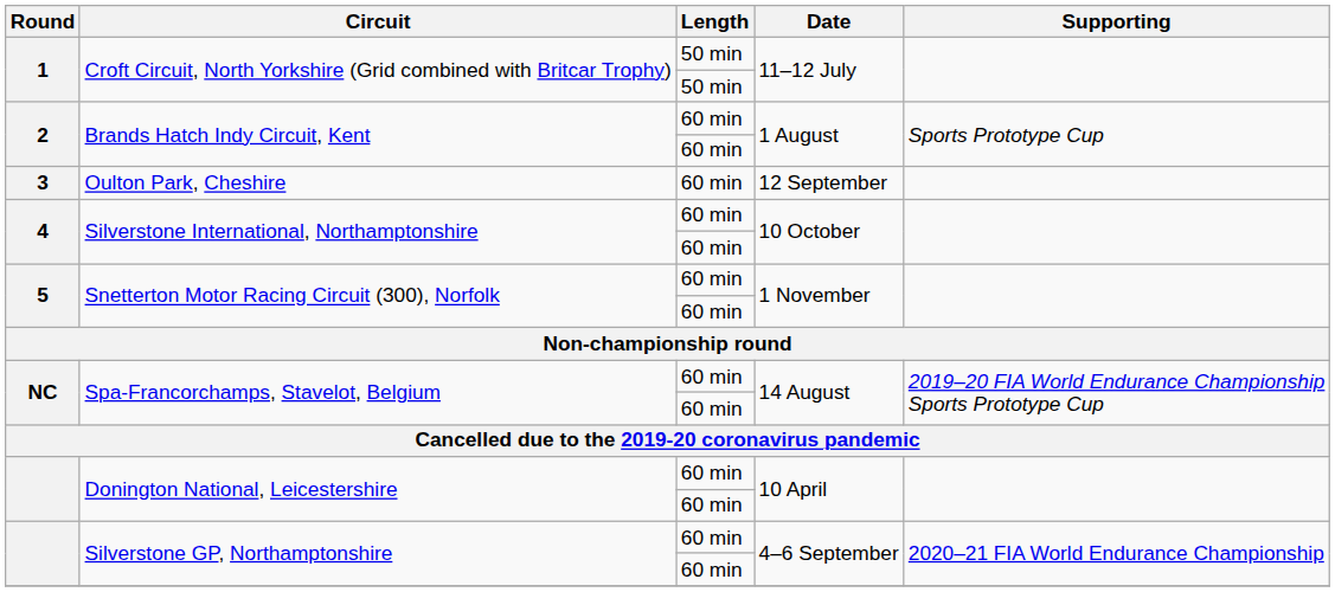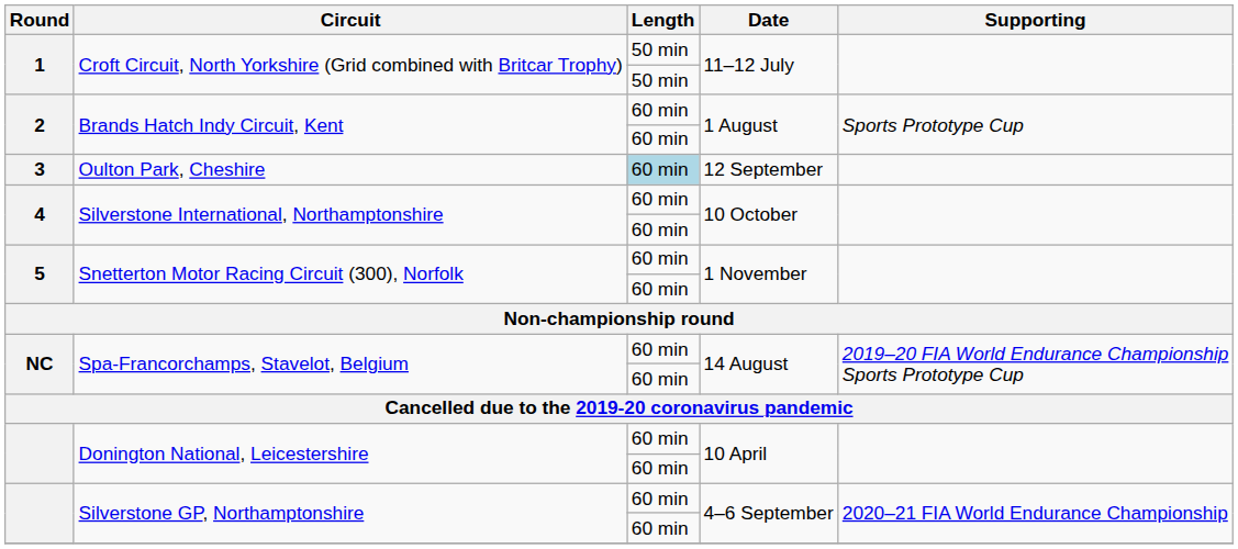 <table class="wikitable" style="font-size: 85%;">
 <tr>
 <th>Round</th>
 <th>Circuit</th>
 <th>Length</th>
 <th>Date</th>
 <th>Supporting</th>
 </tr>
 <tr>
 <th rowspan=2>1</th>
 <td rowspan=2><a href='#'>Croft Circuit</a>, <a href='#'>North Yorkshire</a> (Grid combined with <a href='#'>Britcar Trophy</a>)</td>
 <td>50 min</td>
 <td rowspan=2>11–12 July</td>
 <td rowspan=2></td>
 </tr>
 <tr>
 <td>50 min</td>
 </tr>
 <tr>
 <th rowspan=2>2</th>
 <td rowspan=2><a href='#'>Brands Hatch Indy Circuit</a>, <a href='#'>Kent</a></td>
 <td>60 min</td>
 <td rowspan=2>1 August</td>
 <td rowspan=2><em>Sports Prototype Cup</em></td>
 </tr>
 <tr>
 <td>60 min</td>
 </tr>
 <tr>
 <th>3</th>
 <td><a href='#'>Oulton Park</a>, <a href='#'>Cheshire</a></td>
-<td>60 min</td>
+<td style="background: lightblue;">60 min</td>
 <td>12 September</td>
 <td></td>
 </tr>
 <tr>
 <th rowspan=2>4</th>
 <td rowspan=2><a href='#'>Silverstone International</a>, <a href='#'>Northamptonshire</a></td>
 <td>60 min</td>
 <td rowspan=2>10 October</td>
 <td rowspan=2></td>
 </tr>
 <tr>
 <td>60 min</td>
 </tr>
 <tr>
 <th rowspan=2>5</th>
 <td rowspan=2><a href='#'>Snetterton Motor Racing Circuit</a> (300), <a href='#'>Norfolk</a></td>
 <td>60 min</td>
 <td rowspan=2>1 November</td>
 <td rowspan=2></td>
 </tr>
 <tr>
 <td>60 min</td>
 </tr>
 <tr>
 <th colspan=5>Non-championship round</th>
 </tr>
 <tr>
 <th rowspan=2>NC</th>
 <td rowspan=2><a href='#'>Spa-Francorchamps</a>, <a href='#'>Stavelot</a>, <a href='#'>Belgium</a></td>
 <td>60 min</td>
 <td rowspan=2>14 August</td>
 <td rowspan=2><em><a href='#'>2019–20 FIA World Endurance Championship</a></em><br><em>Sports Prototype Cup</em></td>
 </tr>
 <tr>
 <td>60 min</td>
 </tr>
 <tr>
 <th colspan=5>Cancelled due to the <a href='#'>2019-20 coronavirus pandemic</a></th>
 </tr>
 <tr>
 <th rowspan=2></th>
 <td rowspan=2><a href='#'>Donington National</a>, <a href='#'>Leicestershire</a></td>
 <td>60 min</td>
 <td rowspan=2>10 April</td>
 <td rowspan=2></td>
 </tr>
 <tr>
 <td>60 min</td>
 </tr>
 <tr>
 <th rowspan=2></th>
 <td rowspan=2><a href='#'>Silverstone GP</a>, <a href='#'>Northamptonshire</a></td>
 <td>60 min</td>
 <td rowspan=2>4–6 September</td>
 <td rowspan=2><a href='#'>2020–21 FIA World Endurance Championship</a></td>
 </tr>
 <tr>
 <td>60 min</td>
 </tr>
 <tr>
 </tr>
 </table>
